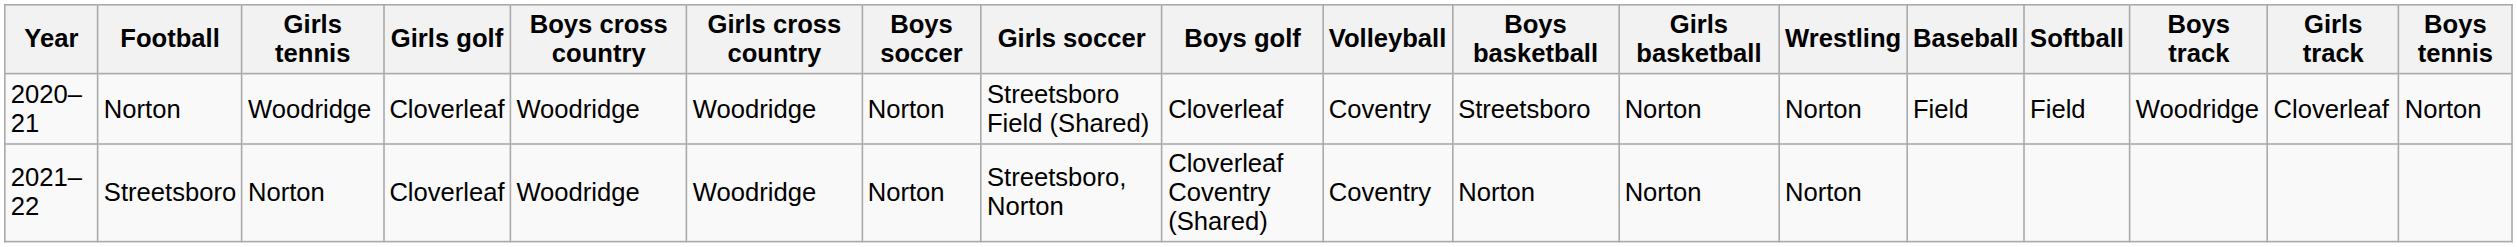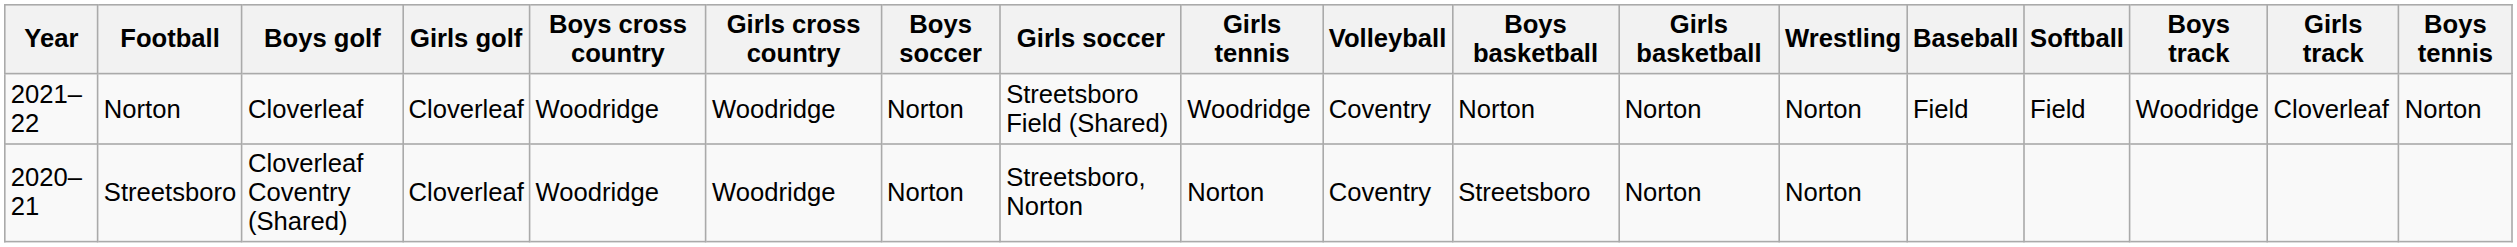 <table class="wikitable">
 <tr>
 <th>Year</th>
 <th>Football</th>
-<th>Girls tennis</th>
+<th>Boys golf</th>
 <th>Girls golf</th>
 <th>Boys cross country</th>
 <th>Girls cross country</th>
 <th>Boys soccer</th>
 <th>Girls soccer</th>
-<th>Boys golf</th>
+<th>Girls tennis</th>
 <th>Volleyball</th>
 <th>Boys basketball</th>
 <th>Girls basketball</th>
 <th>Wrestling</th>
 <th>Baseball</th>
 <th>Softball</th>
 <th>Boys track</th>
 <th>Girls track</th>
 <th>Boys tennis</th>
 </tr>
 <tr>
-<td>2020–21</td>
+<td>2021–22</td>
 <td>Norton</td>
-<td>Woodridge</td>
+<td>Cloverleaf</td>
 <td>Cloverleaf</td>
 <td>Woodridge</td>
 <td>Woodridge</td>
 <td>Norton</td>
 <td>Streetsboro<br>Field (Shared)</td>
-<td>Cloverleaf</td>
+<td>Woodridge</td>
 <td>Coventry</td>
-<td>Streetsboro</td>
+<td>Norton</td>
 <td>Norton</td>
 <td>Norton</td>
 <td>Field</td>
 <td>Field</td>
 <td>Woodridge</td>
 <td>Cloverleaf</td>
 <td>Norton</td>
 </tr>
 <tr>
-<td>2021–22</td>
+<td>2020–21</td>
 <td>Streetsboro</td>
-<td>Norton</td>
+<td>Cloverleaf<br>Coventry (Shared)</td>
 <td>Cloverleaf</td>
 <td>Woodridge</td>
 <td>Woodridge</td>
 <td>Norton</td>
 <td>Streetsboro, Norton</td>
-<td>Cloverleaf<br>Coventry (Shared)</td>
+<td>Norton</td>
 <td>Coventry</td>
-<td>Norton</td>
+<td>Streetsboro</td>
 <td>Norton</td>
 <td>Norton</td>
 <td></td>
 <td></td>
 <td></td>
 <td></td>
 <td></td>
 </tr>
 </table>
